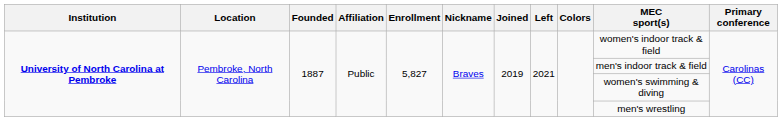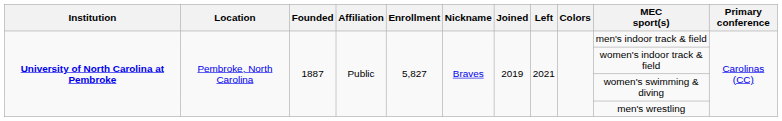 <table class="wikitable sortable" style="text-align:center;">
 <tr>
 <th>Institution</th>
 <th>Location</th>
 <th>Founded</th>
 <th>Affiliation</th>
 <th>Enrollment</th>
 <th>Nickname</th>
 <th>Joined</th>
 <th>Left</th>
 <th class="unsortable">Colors</th>
 <th>MEC<br>sport(s)</th>
 <th>Primary<br>conference</th>
 </tr>
 <tr>
 <td rowspan="4"><strong><a href='#'>University of North Carolina at Pembroke</a></strong></td>
 <td rowspan="4"><a href='#'>Pembroke, North Carolina</a></td>
 <td rowspan="4">1887</td>
 <td rowspan="4">Public</td>
 <td rowspan="4">5,827</td>
 <td rowspan="4"><a href='#'>Braves</a></td>
 <td rowspan="4">2019</td>
 <td rowspan="4">2021</td>
 <td rowspan="4"> </td>
-<td>women's indoor track & field</td>
+<td>men's indoor track & field</td>
 <td rowspan="4"><a href='#'>Carolinas (CC)</a></td>
 </tr>
 <tr>
-<td>men's indoor track & field</td>
+<td>women's indoor track & field</td>
 </tr>
 <tr>
 <td>women's swimming & diving</td>
 </tr>
 <tr>
 <td>men's wrestling</td>
 </tr>
 </table>
